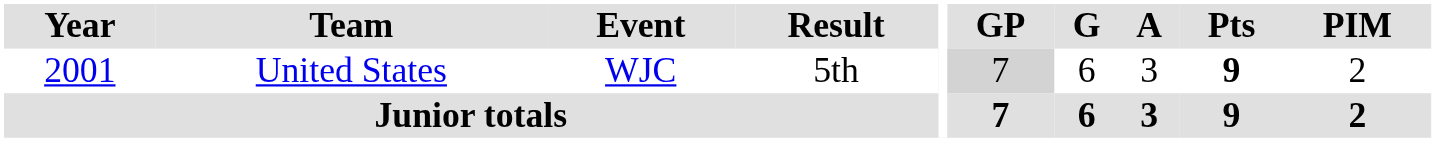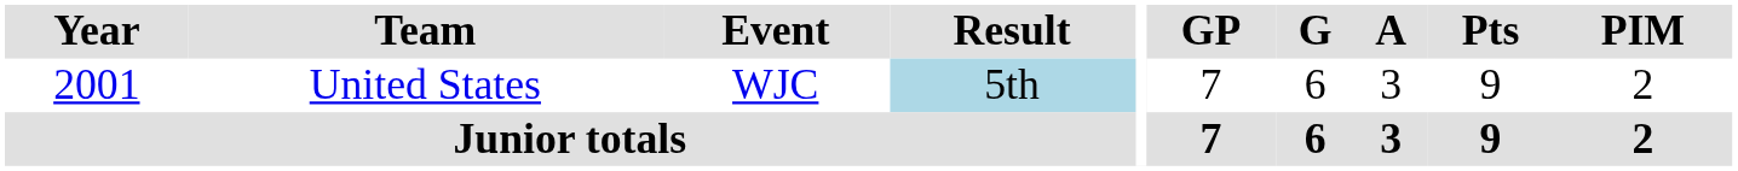 <table border="0" cellpadding="1" cellspacing="0" ID="Table3" style="text-align:center; width:40em">
 <tr ALIGN="center" bgcolor="#e0e0e0">
 <th>Year</th>
 <th>Team</th>
 <th>Event</th>
 <th>Result</th>
 <th rowspan="99" bgcolor="#ffffff"></th>
 <th>GP</th>
 <th>G</th>
 <th>A</th>
 <th>Pts</th>
 <th>PIM</th>
 </tr>
 <tr>
 <td><a href='#'>2001</a></td>
 <td><a href='#'>United States</a></td>
 <td><a href='#'>WJC</a></td>
-<td>5th</td>
-<td style="background: lightgrey;">7</td>
+<td style="background: lightblue;">5th</td>
+<td>7</td>
 <td>6</td>
 <td>3</td>
-<td><strong>9</strong></td>
+<td>9</td>
 <td>2</td>
 </tr>
 <tr bgcolor="#e0e0e0">
 <th colspan=4>Junior totals</th>
 <th>7</th>
 <th>6</th>
 <th>3</th>
 <th>9</th>
 <th>2</th>
 </tr>
 </table>
